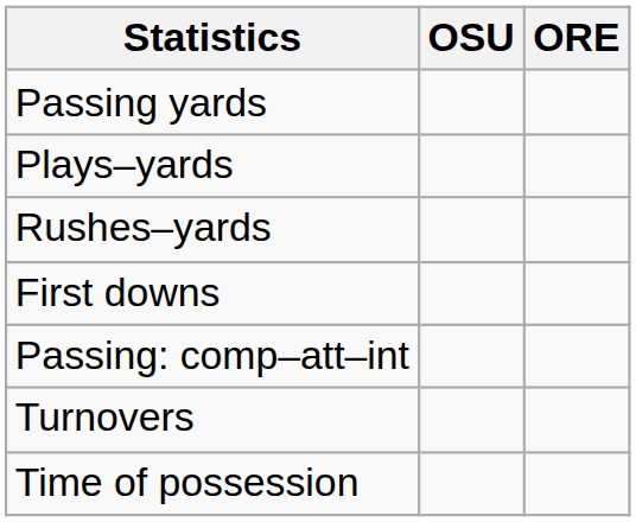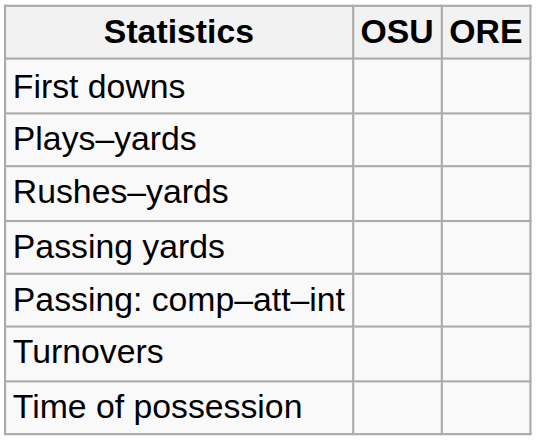 <table class="wikitable" style="float:left">
 <tr>
 <th>Statistics</th>
 <th>OSU</th>
 <th>ORE</th>
 </tr>
 <tr>
-<td>Passing yards</td>
+<td>First downs</td>
 <td></td>
 <td></td>
 </tr>
 <tr>
 <td>Plays–yards</td>
 <td></td>
 <td></td>
 </tr>
 <tr>
 <td>Rushes–yards</td>
 <td></td>
 <td></td>
 </tr>
 <tr>
-<td>First downs</td>
+<td>Passing yards</td>
 <td></td>
 <td></td>
 </tr>
 <tr>
 <td>Passing: comp–att–int</td>
 <td></td>
 <td></td>
 </tr>
 <tr>
 <td>Turnovers</td>
 <td></td>
 <td></td>
 </tr>
 <tr>
 <td>Time of possession</td>
 <td></td>
 <td></td>
 </tr>
 </table>
